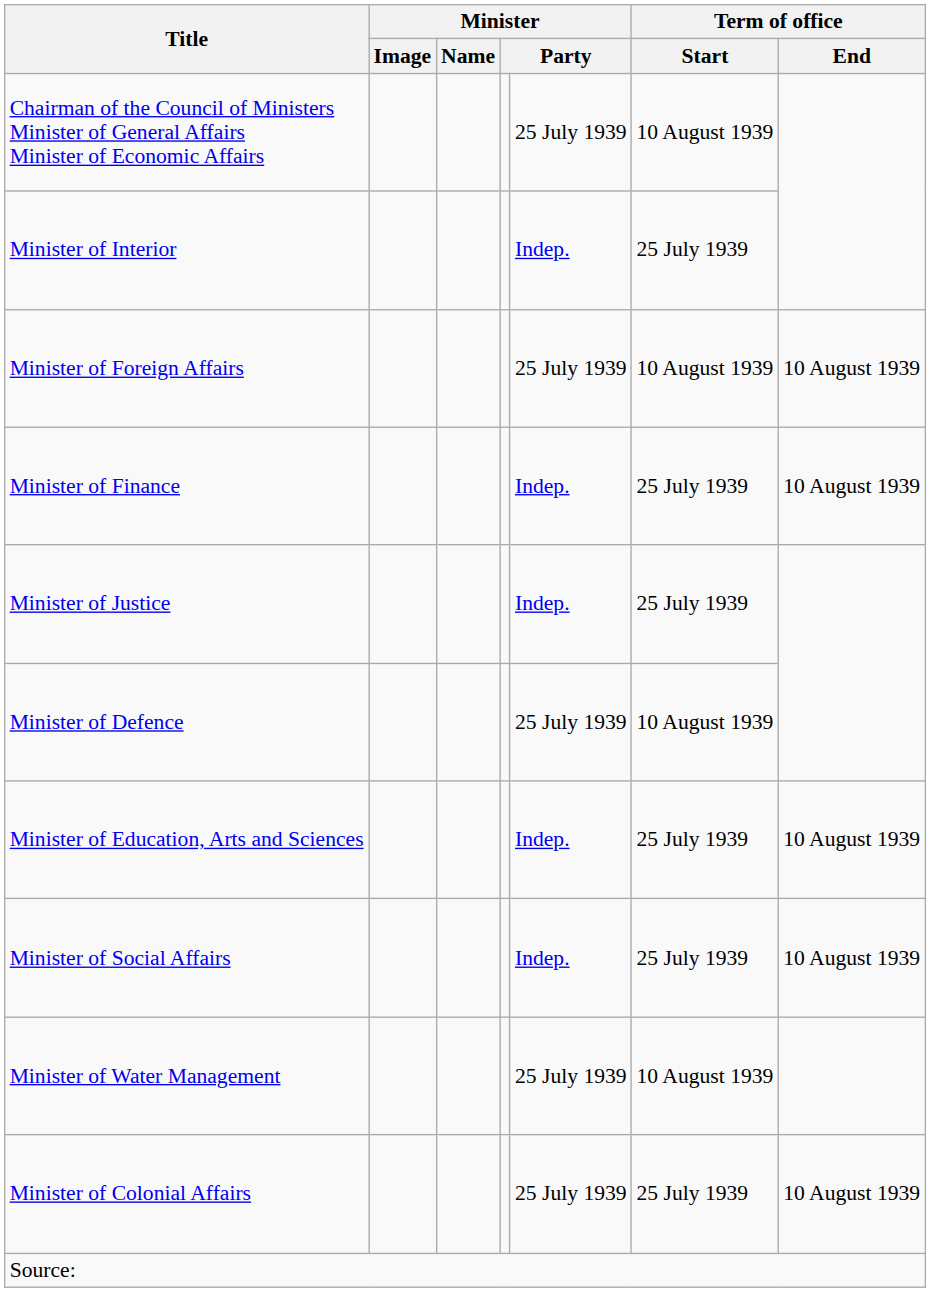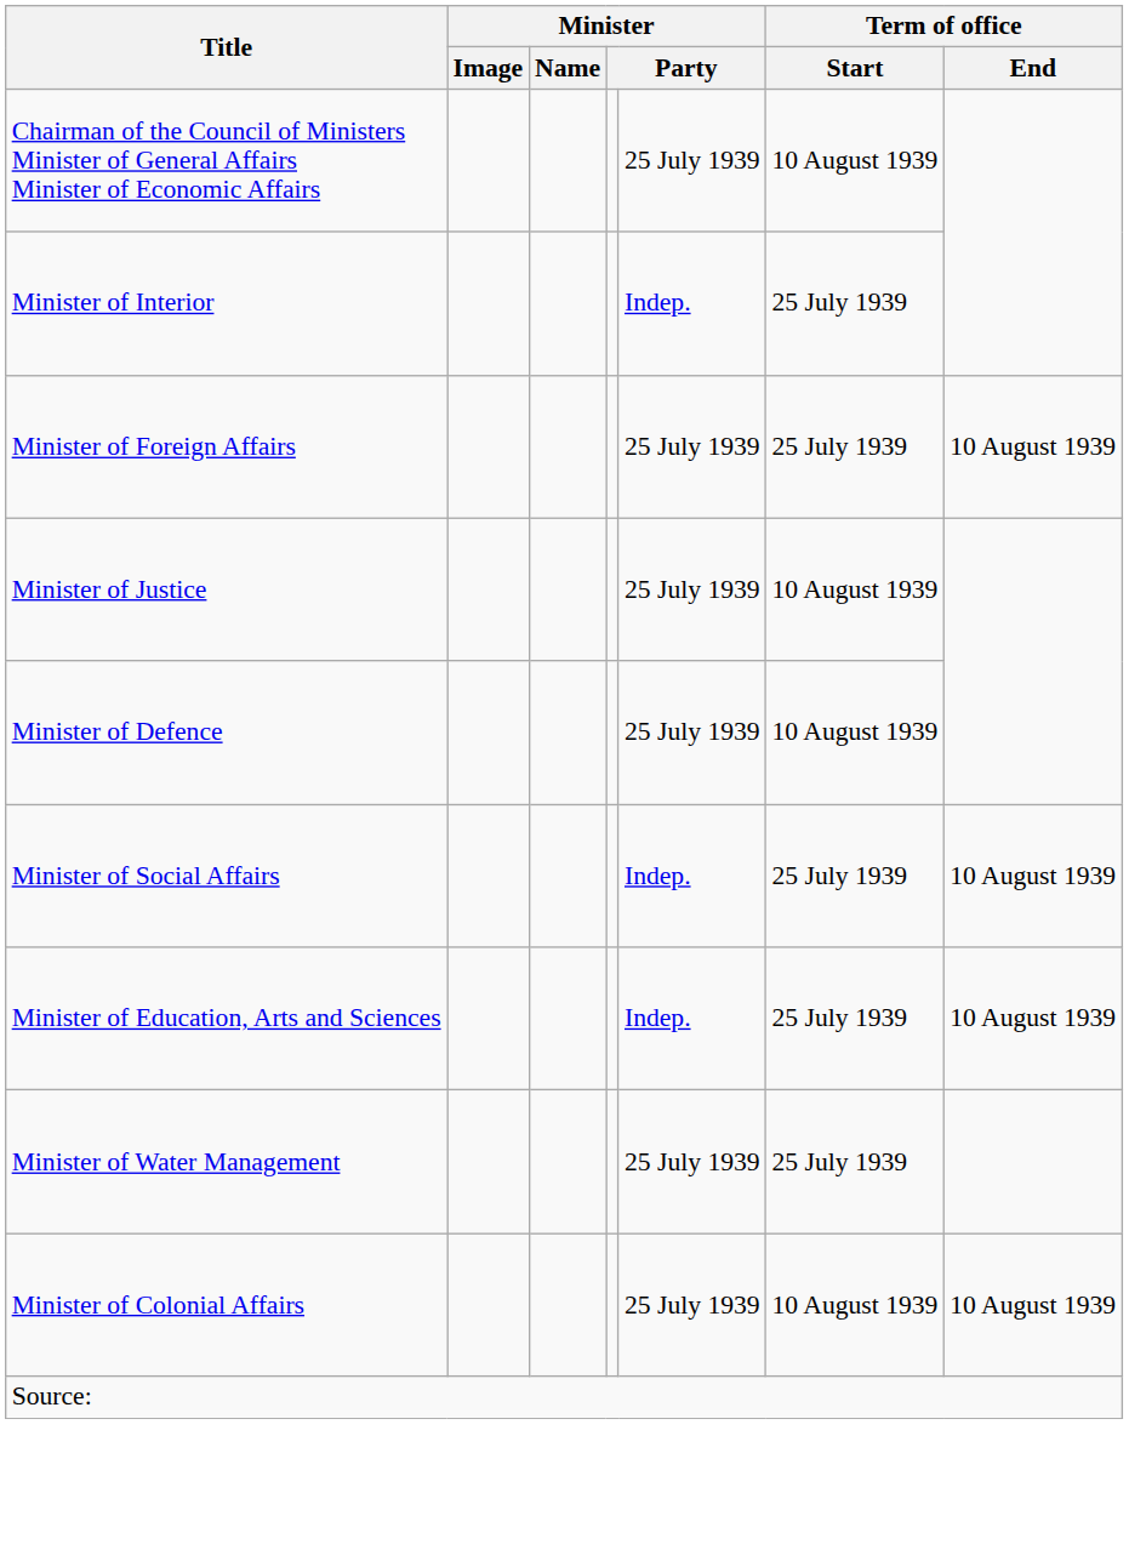 <table class="wikitable sortable" style="text-align:left">
 <tr>
 <th rowspan="2">Title</th>
 <th colspan="4">Minister</th>
 <th colspan="2">Term of office</th>
 </tr>
 <tr>
 <th class="unsortable">Image</th>
 <th>Name</th>
 <th colspan="2">Party</th>
 <th data-sort-type="date">Start</th>
 <th data-sort-type=date>End</th>
 </tr>
 <tr>
 <td><a href='#'>Chairman of the Council of Ministers</a> <br> <a href='#'>Minister of General Affairs</a> <br> <a href='#'>Minister of Economic Affairs</a></td>
 <td height="80px"></td>
 <td></td>
 <td></td>
 <td>25 July 1939</td>
 <td>10 August 1939</td>
 </tr>
 <tr>
 <td><a href='#'>Minister of Interior</a></td>
 <td height="80px"></td>
 <td></td>
 <td></td>
 <td><a href='#'>Indep.</a></td>
 <td>25 July 1939</td>
 </tr>
 <tr>
 <td><a href='#'>Minister of Foreign Affairs</a></td>
 <td height="80px"></td>
 <td></td>
 <td style="background:"></td>
 <td>25 July 1939</td>
-<td>10 August 1939</td>
-<td>10 August 1939</td>
-</tr>
-<tr>
-<td><a href='#'>Minister of Finance</a></td>
-<td height="80px"></td>
-<td></td>
-<td style="background:"></td>
-<td><a href='#'>Indep.</a></td>
 <td>25 July 1939</td>
 <td>10 August 1939</td>
 </tr>
 <tr>
 <td><a href='#'>Minister of Justice</a></td>
 <td height="80px"></td>
 <td></td>
 <td></td>
-<td><a href='#'>Indep.</a></td>
 <td>25 July 1939</td>
+<td>10 August 1939</td>
 </tr>
 <tr>
 <td><a href='#'>Minister of Defence</a></td>
 <td height="80px"></td>
 <td></td>
 <td></td>
+<td>25 July 1939</td>
+<td>10 August 1939</td>
+</tr>
+<tr>
+<td><a href='#'>Minister of Social Affairs</a></td>
+<td height="80px"></td>
+<td></td>
+<td style="background:"></td>
+<td><a href='#'>Indep.</a></td>
 <td>25 July 1939</td>
 <td>10 August 1939</td>
 </tr>
 <tr>
 <td><a href='#'>Minister of Education, Arts and Sciences</a></td>
 <td height="80px"></td>
 <td></td>
 <td style="background:"></td>
 <td><a href='#'>Indep.</a></td>
 <td>25 July 1939</td>
 <td>10 August 1939</td>
 </tr>
 <tr>
-<td><a href='#'>Minister of Social Affairs</a></td>
-<td height="80px"></td>
-<td></td>
-<td style="background:"></td>
-<td><a href='#'>Indep.</a></td>
-<td>25 July 1939</td>
-<td>10 August 1939</td>
-</tr>
-<tr>
 <td><a href='#'>Minister of Water Management</a></td>
 <td height="80px"></td>
 <td></td>
 <td></td>
 <td>25 July 1939</td>
-<td>10 August 1939</td>
+<td>25 July 1939</td>
 </tr>
 <tr>
 <td><a href='#'>Minister of Colonial Affairs</a></td>
 <td height="80px"></td>
 <td></td>
 <td style="background:"></td>
 <td>25 July 1939</td>
-<td>25 July 1939</td>
+<td>10 August 1939</td>
 <td>10 August 1939</td>
 </tr>
 <tr class=sortbottom>
 <td colspan=7>Source:  </td>
 </tr>
 </table>
